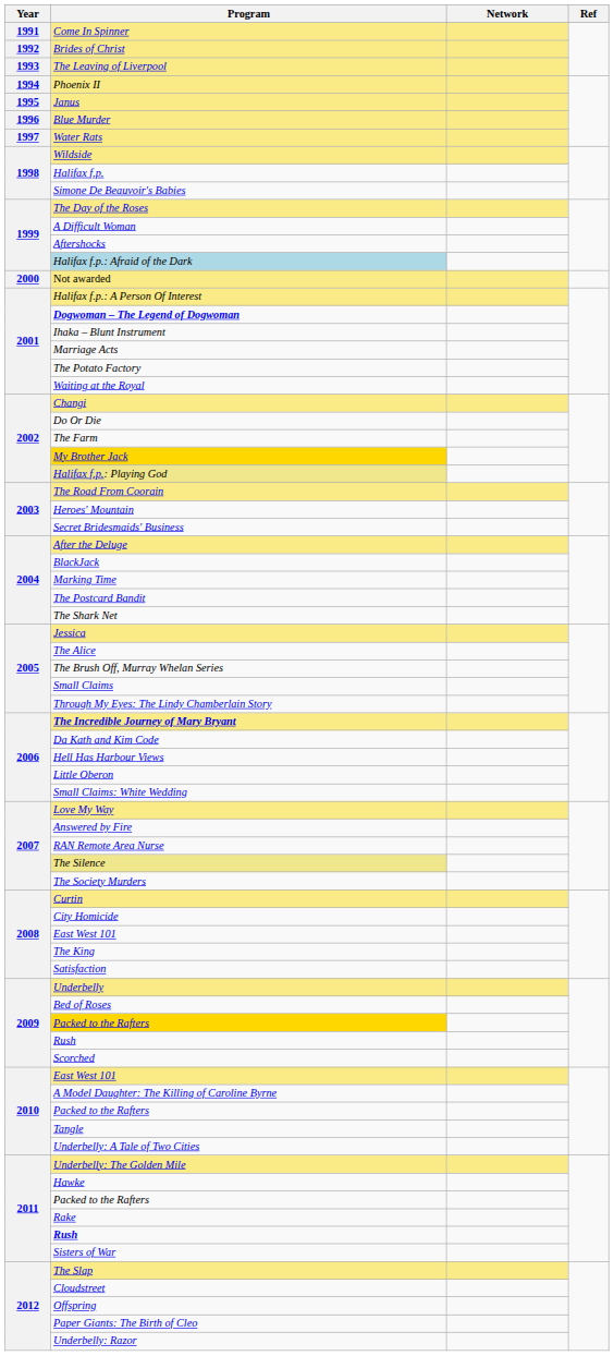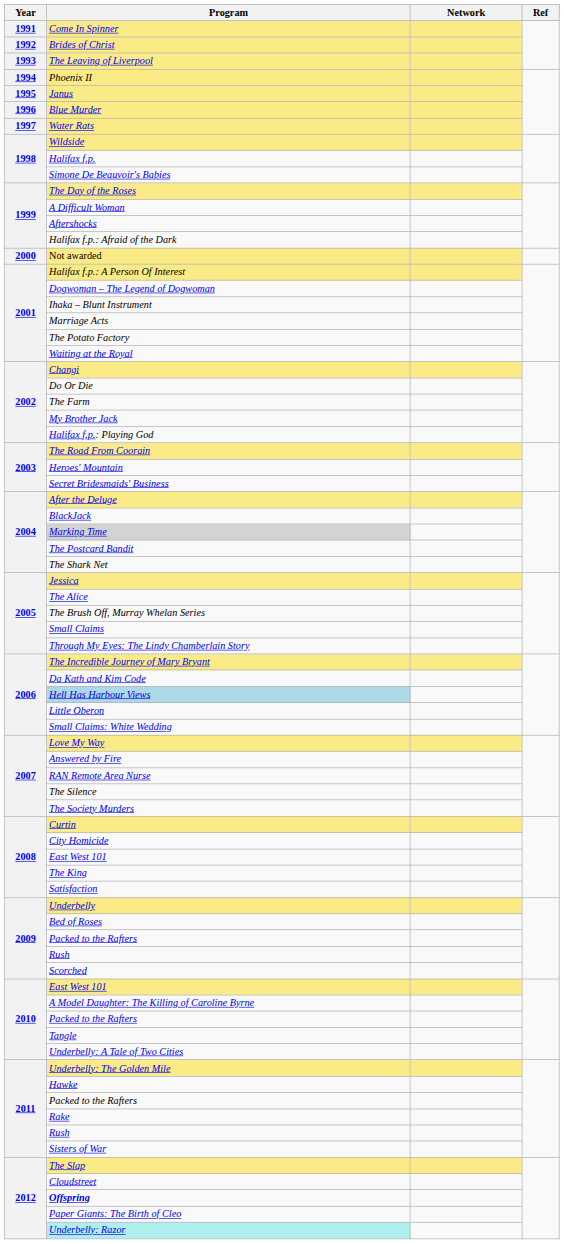 <table class="wikitable sortable">
 <tr style="background:#bebebe;">
 <th scope="col" style="width:1%;">Year</th>
 <th scope="col" style="width:16%;">Program</th>
 <th scope="col" style="width:4%;">Network</th>
 <th scope="col" style="width:1%;" class="unsortable">Ref</th>
 </tr>
 <tr>
 <th scope="row" style="text-align:center"><a href='#'>1991</a></th>
 <td style="background:#FAEB86"><em><a href='#'>Come In Spinner</a></em></td>
 <td style="background:#FAEB86"></td>
 <td rowspan="3"></td>
 </tr>
 <tr>
 <th scope="row" style="text-align:center"><a href='#'>1992</a></th>
 <td style="background:#FAEB86"><em><a href='#'>Brides of Christ</a></em></td>
 <td style="background:#FAEB86"></td>
 </tr>
 <tr>
 <th scope="row" style="text-align:center"><a href='#'>1993</a></th>
 <td style="background:#FAEB86"><em><a href='#'>The Leaving of Liverpool</a></em></td>
 <td style="background:#FAEB86"></td>
 </tr>
 <tr>
 <th scope="row" style="text-align:center"><a href='#'>1994</a></th>
 <td style="background:#FAEB86"><em>Phoenix II</em></td>
 <td style="background:#FAEB86"></td>
 <td rowspan="4"></td>
 </tr>
 <tr>
 <th scope="row" style="text-align:center"><a href='#'>1995</a></th>
 <td style="background:#FAEB86"><em><a href='#'>Janus</a></em></td>
 <td style="background:#FAEB86"></td>
 </tr>
 <tr>
 <th scope="row" style="text-align:center"><a href='#'>1996</a></th>
 <td style="background:#FAEB86"><em><a href='#'>Blue Murder</a></em></td>
 <td style="background:#FAEB86"></td>
 </tr>
 <tr>
 <th scope="row" style="text-align:center"><a href='#'>1997</a></th>
 <td style="background:#FAEB86"><em><a href='#'>Water Rats</a></em></td>
 <td style="background:#FAEB86"></td>
 </tr>
 <tr>
 <th scope="row" rowspan="3" style="text-align:center"><a href='#'>1998</a></th>
 <td style="background:#FAEB86"><em><a href='#'>Wildside</a></em></td>
 <td style="background:#FAEB86"></td>
 <td rowspan="3"></td>
 </tr>
 <tr>
 <td><em><a href='#'>Halifax f.p.</a></em></td>
 <td></td>
 </tr>
 <tr>
 <td><em><a href='#'>Simone De Beauvoir's Babies</a></em></td>
 <td></td>
 </tr>
 <tr>
 <th scope="row" rowspan="4" style="text-align:center"><a href='#'>1999</a></th>
 <td style="background:#FAEB86"><em><a href='#'>The Day of the Roses</a></em></td>
 <td style="background:#FAEB86"></td>
 <td rowspan="4"></td>
 </tr>
 <tr>
 <td><em><a href='#'>A Difficult Woman</a></em></td>
 <td></td>
 </tr>
 <tr>
 <td><em><a href='#'>Aftershocks</a></em></td>
 <td></td>
 </tr>
 <tr>
-<td style="background: lightblue;"><em>Halifax f.p.: Afraid of the Dark</em></td>
+<td><em>Halifax f.p.: Afraid of the Dark</em></td>
 <td></td>
 </tr>
 <tr>
 <th scope="row" rowspan="1" style="text-align:center"><a href='#'>2000</a></th>
 <td style="background:#FAEB86">Not awarded</td>
 <td style="background:#FAEB86"></td>
 <td rowspan="1"></td>
 </tr>
 <tr>
 <th scope="row" rowspan="6" style="text-align:center"><a href='#'>2001</a></th>
 <td style="background:#FAEB86"><em>Halifax f.p.: A Person Of Interest</em></td>
 <td style="background:#FAEB86"></td>
 <td rowspan="6"></td>
 </tr>
 <tr>
-<td><strong><em><a href='#'>Dogwoman – The Legend of Dogwoman</a></em></strong></td>
+<td><em><a href='#'>Dogwoman – The Legend of Dogwoman</a></em></td>
 <td></td>
 </tr>
 <tr>
 <td><em>Ihaka – Blunt Instrument</em></td>
 <td></td>
 </tr>
 <tr>
 <td><em>Marriage Acts</em></td>
 <td></td>
 </tr>
 <tr>
 <td><em>The Potato Factory</em></td>
 <td></td>
 </tr>
 <tr>
 <td><em><a href='#'>Waiting at the Royal</a></em></td>
 <td></td>
 </tr>
 <tr>
 <th scope="row" rowspan="5" style="text-align:center"><a href='#'>2002</a></th>
 <td style="background:#FAEB86"><em><a href='#'>Changi</a></em> </td>
 <td style="background:#FAEB86"></td>
 <td rowspan="5"></td>
 </tr>
 <tr>
 <td><em>Do Or Die</em></td>
 <td></td>
 </tr>
 <tr>
 <td><em>The Farm</em></td>
 <td></td>
 </tr>
 <tr>
-<td style="background: gold;"><em><a href='#'>My Brother Jack</a></em></td>
+<td><em><a href='#'>My Brother Jack</a></em></td>
 <td></td>
 </tr>
 <tr>
-<td style="background: khaki;"><em><a href='#'>Halifax f.p.</a>: Playing God</em></td>
+<td><em><a href='#'>Halifax f.p.</a>: Playing God</em></td>
 <td></td>
 </tr>
 <tr>
 <th scope="row" rowspan="3" style="text-align:center"><a href='#'>2003</a></th>
 <td style="background:#FAEB86"><em><a href='#'>The Road From Coorain</a></em></td>
 <td style="background:#FAEB86"></td>
 <td rowspan="3"></td>
 </tr>
 <tr>
 <td><em><a href='#'>Heroes' Mountain</a></em></td>
 <td></td>
 </tr>
 <tr>
 <td><em><a href='#'>Secret Bridesmaids' Business</a></em></td>
 <td></td>
 </tr>
 <tr>
 <th scope="row" rowspan="5" style="text-align:center"><a href='#'>2004</a></th>
 <td style="background:#FAEB86"><em><a href='#'>After the Deluge</a></em></td>
 <td style="background:#FAEB86"></td>
 <td rowspan="5"></td>
 </tr>
 <tr>
 <td><em><a href='#'>BlackJack</a></em></td>
 <td></td>
 </tr>
 <tr>
-<td><em><a href='#'>Marking Time</a></em></td>
+<td style="background: lightgrey;"><em><a href='#'>Marking Time</a></em></td>
 <td></td>
 </tr>
 <tr>
 <td><em><a href='#'>The Postcard Bandit</a></em></td>
 <td></td>
 </tr>
 <tr>
 <td><em>The Shark Net</em></td>
 <td></td>
 </tr>
 <tr>
 <th scope="row" rowspan="5" style="text-align:center"><a href='#'>2005</a></th>
 <td style="background:#FAEB86"><em><a href='#'>Jessica</a></em></td>
 <td style="background:#FAEB86"></td>
 <td rowspan="5"></td>
 </tr>
 <tr>
 <td><em><a href='#'>The Alice</a></em></td>
 <td></td>
 </tr>
 <tr>
 <td><em>The Brush Off, Murray Whelan Series</em></td>
 <td></td>
 </tr>
 <tr>
 <td><em><a href='#'>Small Claims</a></em></td>
 <td></td>
 </tr>
 <tr>
 <td><em><a href='#'>Through My Eyes: The Lindy Chamberlain Story</a></em></td>
 <td></td>
 </tr>
 <tr>
 <th scope="row" rowspan="5" style="text-align:center"><a href='#'>2006</a></th>
-<td style="background:#FAEB86"><strong><em><a href='#'>The Incredible Journey of Mary Bryant</a></em></strong></td>
+<td style="background:#FAEB86"><em><a href='#'>The Incredible Journey of Mary Bryant</a></em></td>
 <td style="background:#FAEB86"></td>
 <td rowspan="5"></td>
 </tr>
 <tr>
 <td><em><a href='#'>Da Kath and Kim Code</a></em></td>
 <td></td>
 </tr>
 <tr>
-<td><em><a href='#'>Hell Has Harbour Views</a></em></td>
+<td style="background: lightblue;"><em><a href='#'>Hell Has Harbour Views</a></em></td>
 <td></td>
 </tr>
 <tr>
 <td><em><a href='#'>Little Oberon</a></em></td>
 <td></td>
 </tr>
 <tr>
 <td><em><a href='#'>Small Claims: White Wedding</a></em></td>
 <td></td>
 </tr>
 <tr>
 <th scope="row" rowspan="5" style="text-align:center"><a href='#'>2007</a></th>
 <td style="background:#FAEB86"><em><a href='#'>Love My Way</a></em></td>
 <td style="background:#FAEB86"></td>
 <td rowspan="5"></td>
 </tr>
 <tr>
 <td><em><a href='#'>Answered by Fire</a></em></td>
 <td></td>
 </tr>
 <tr>
 <td><em><a href='#'>RAN Remote Area Nurse</a></em></td>
 <td></td>
 </tr>
 <tr>
-<td style="background: khaki;"><em>The Silence</em></td>
+<td><em>The Silence</em></td>
 <td></td>
 </tr>
 <tr>
 <td><em><a href='#'>The Society Murders</a></em></td>
 <td></td>
 </tr>
 <tr>
 <th scope="row" rowspan="5" style="text-align:center"><a href='#'>2008</a></th>
 <td style="background:#FAEB86"><em><a href='#'>Curtin</a></em></td>
 <td style="background:#FAEB86"></td>
 <td rowspan="5"></td>
 </tr>
 <tr>
 <td><em><a href='#'>City Homicide</a></em></td>
 <td></td>
 </tr>
 <tr>
 <td><em><a href='#'>East West 101</a></em></td>
 <td></td>
 </tr>
 <tr>
 <td><em><a href='#'>The King</a></em></td>
 <td></td>
 </tr>
 <tr>
 <td><em><a href='#'>Satisfaction</a></em></td>
 <td></td>
 </tr>
 <tr>
 <th scope="row" rowspan="5" style="text-align:center"><a href='#'>2009</a></th>
 <td style="background:#FAEB86"><em><a href='#'>Underbelly</a></em></td>
 <td style="background:#FAEB86"></td>
 <td rowspan="5"></td>
 </tr>
 <tr>
 <td><em><a href='#'>Bed of Roses</a></em></td>
 <td></td>
 </tr>
 <tr>
-<td style="background: gold;"><em><a href='#'>Packed to the Rafters</a></em></td>
+<td><em><a href='#'>Packed to the Rafters</a></em></td>
 <td></td>
 </tr>
 <tr>
 <td><em><a href='#'>Rush</a></em></td>
 <td></td>
 </tr>
 <tr>
 <td><em><a href='#'>Scorched</a></em></td>
 <td></td>
 </tr>
 <tr>
 <th scope="row" rowspan="5" style="text-align:center"><a href='#'>2010</a></th>
 <td style="background:#FAEB86"><em><a href='#'>East West 101</a></em></td>
 <td style="background:#FAEB86"></td>
 <td rowspan="5"></td>
 </tr>
 <tr>
 <td><em><a href='#'>A Model Daughter: The Killing of Caroline Byrne</a></em></td>
 <td></td>
 </tr>
 <tr>
 <td><em><a href='#'>Packed to the Rafters</a></em></td>
 <td></td>
 </tr>
 <tr>
 <td><em><a href='#'>Tangle</a></em></td>
 <td></td>
 </tr>
 <tr>
 <td><em><a href='#'>Underbelly: A Tale of Two Cities</a></em></td>
 <td></td>
 </tr>
 <tr>
 <th scope="row" rowspan="6" style="text-align:center"><a href='#'>2011</a></th>
 <td style="background:#FAEB86"><em><a href='#'>Underbelly: The Golden Mile</a></em></td>
 <td style="background:#FAEB86"></td>
 <td rowspan="6"></td>
 </tr>
 <tr>
 <td><em><a href='#'>Hawke</a></em></td>
 <td></td>
 </tr>
 <tr>
 <td><em>Packed to the Rafters</em></td>
 <td></td>
 </tr>
 <tr>
 <td><em><a href='#'>Rake</a></em></td>
 <td></td>
 </tr>
 <tr>
-<td><strong><em><a href='#'>Rush</a></em></strong></td>
+<td><em><a href='#'>Rush</a></em></td>
 <td></td>
 </tr>
 <tr>
 <td><em><a href='#'>Sisters of War</a></em></td>
 <td></td>
 </tr>
 <tr>
 <th scope="row" rowspan="5" style="text-align:center"><a href='#'>2012</a></th>
 <td style="background:#FAEB86"><em><a href='#'>The Slap</a></em></td>
 <td style="background:#FAEB86"></td>
 <td rowspan="5"></td>
 </tr>
 <tr>
 <td><em><a href='#'>Cloudstreet</a></em></td>
 <td></td>
 </tr>
 <tr>
-<td><em><a href='#'>Offspring</a></em></td>
+<td><strong><em><a href='#'>Offspring</a></em></strong></td>
 <td></td>
 </tr>
 <tr>
 <td><em><a href='#'>Paper Giants: The Birth of Cleo</a></em></td>
 <td></td>
 </tr>
 <tr>
-<td><em><a href='#'>Underbelly: Razor</a></em></td>
+<td style="background: paleturquoise;"><em><a href='#'>Underbelly: Razor</a></em></td>
 <td></td>
 </tr>
 </table>
